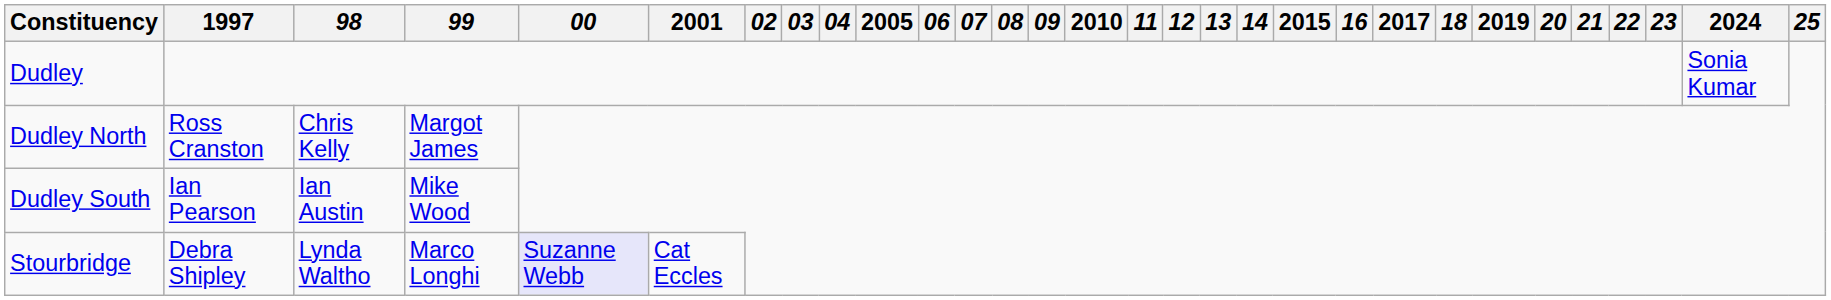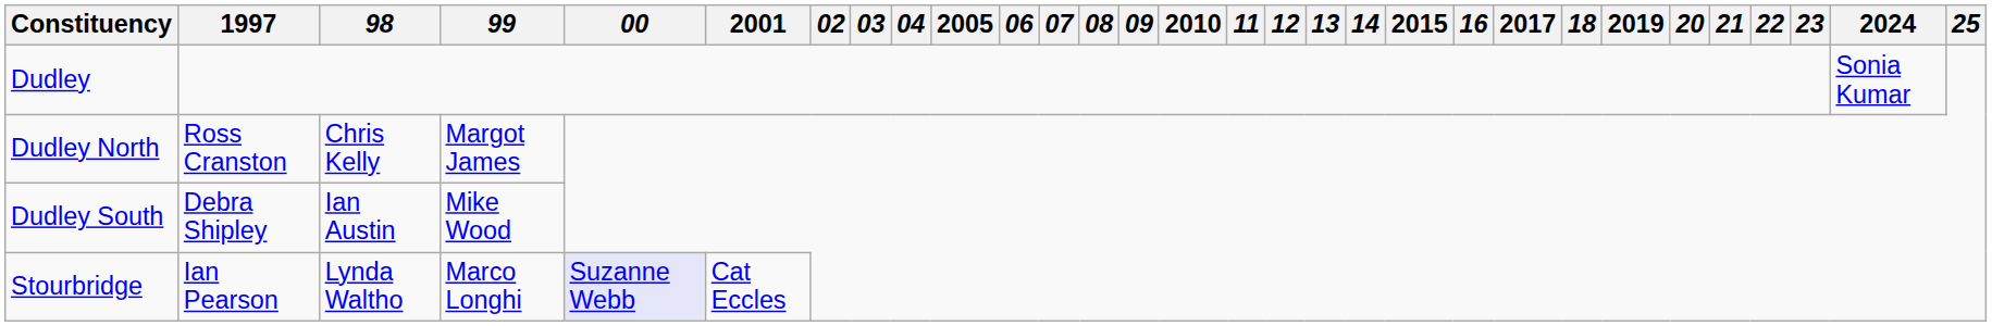 <table class="wikitable">
 <tr>
 <th>Constituency</th>
 <th>1997</th>
 <th><em>98</em></th>
 <th><em>99</em></th>
 <th><em>00</em></th>
 <th>2001</th>
 <th><em>02</em></th>
 <th><em>03</em></th>
 <th><em>04</em></th>
 <th>2005</th>
 <th><em>06</em></th>
 <th><em>07</em></th>
 <th><em>08</em></th>
 <th><em>09</em></th>
 <th>2010</th>
 <th><em>11</em></th>
 <th><em>12</em></th>
 <th><em>13</em></th>
 <th><em>14</em></th>
 <th>2015</th>
 <th><em>16</em></th>
 <th>2017</th>
 <th><em>18</em></th>
 <th>2019</th>
 <th><em>20</em></th>
 <th><em>21</em></th>
 <th><em>22</em></th>
 <th><em>23</em></th>
 <th>2024</th>
 <th><em>25</em></th>
 </tr>
 <tr>
 <td><a href='#'>Dudley</a></td>
 <td colspan="27"></td>
 <td><a href='#'>Sonia Kumar</a></td>
 </tr>
 <tr>
 <td><a href='#'>Dudley North</a></td>
 <td><a href='#'>Ross Cranston</a></td>
 <td><a href='#'>Chris Kelly</a></td>
 <td><a href='#'>Margot James</a></td>
 </tr>
 <tr>
 <td><a href='#'>Dudley South</a></td>
-<td><a href='#'>Ian Pearson</a></td>
+<td><a href='#'>Debra Shipley</a></td>
 <td><a href='#'>Ian Austin</a></td>
 <td><a href='#'>Mike Wood</a></td>
 </tr>
 <tr>
 <td><a href='#'>Stourbridge</a></td>
-<td><a href='#'>Debra Shipley</a></td>
+<td><a href='#'>Ian Pearson</a></td>
 <td><a href='#'>Lynda Waltho</a></td>
 <td><a href='#'>Marco Longhi</a></td>
 <td style="background: lavender;"><a href='#'>Suzanne Webb</a></td>
 <td><a href='#'>Cat Eccles</a></td>
 </tr>
 </table>
